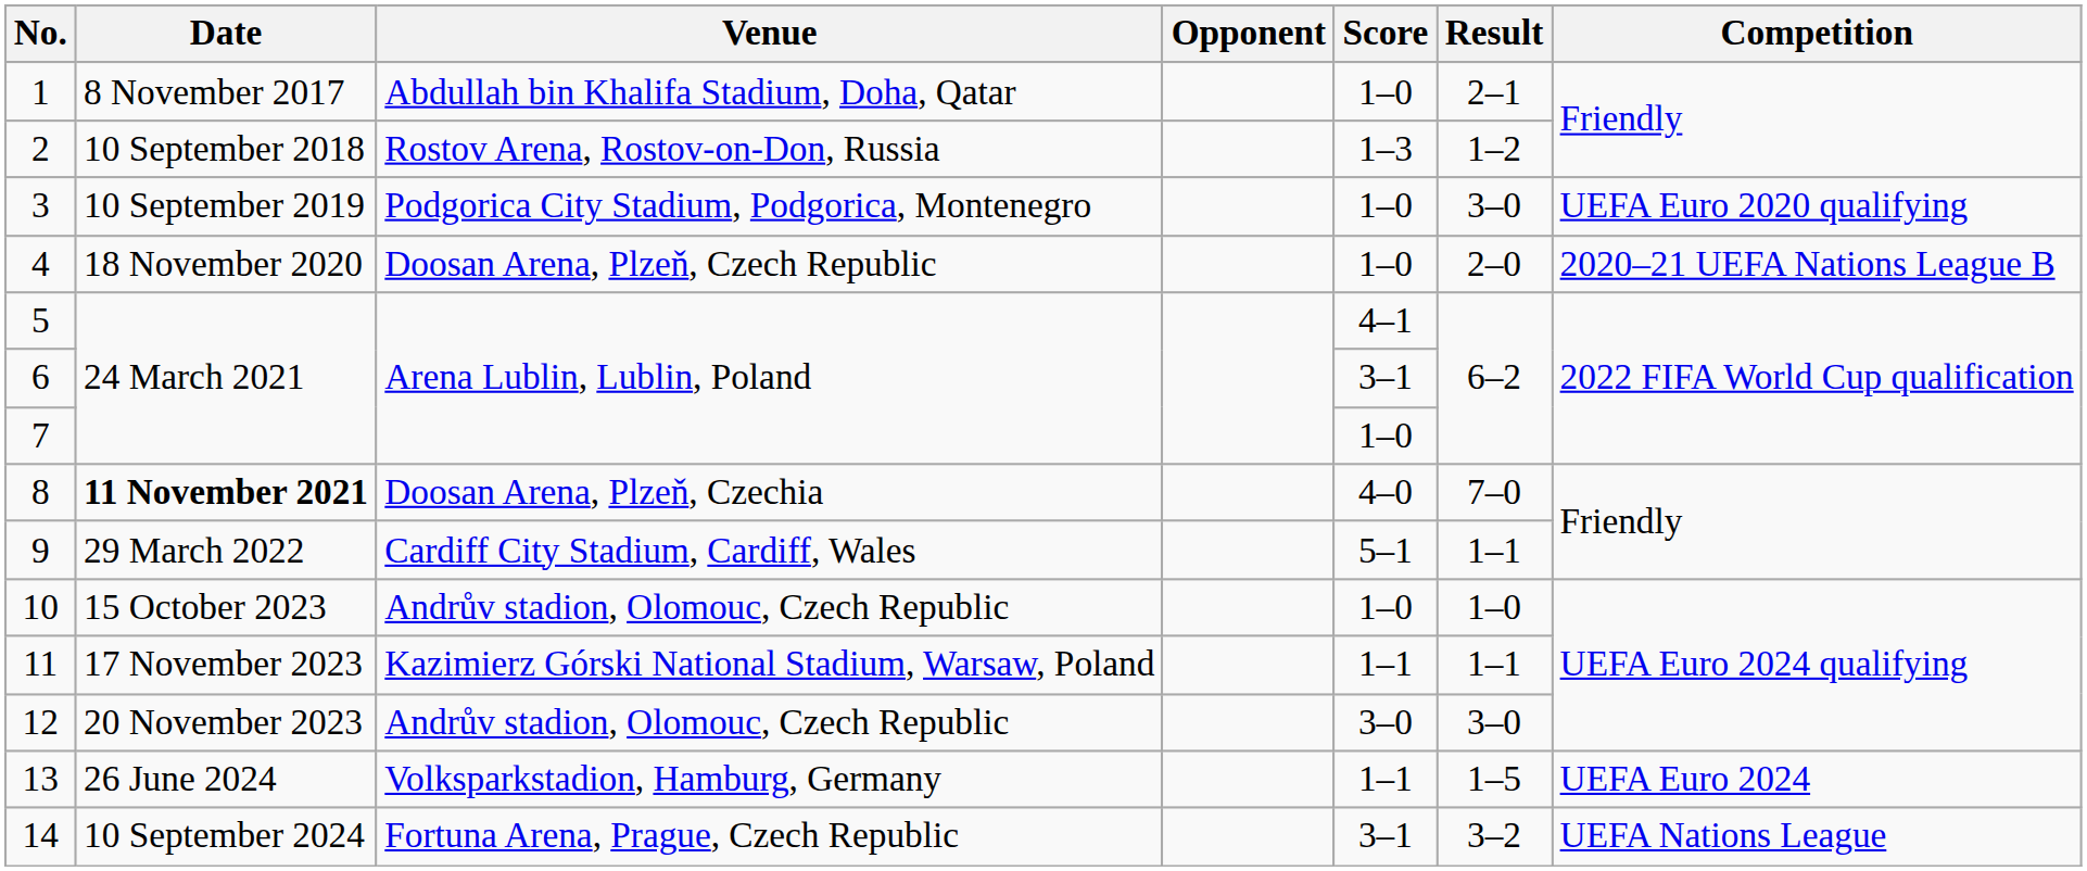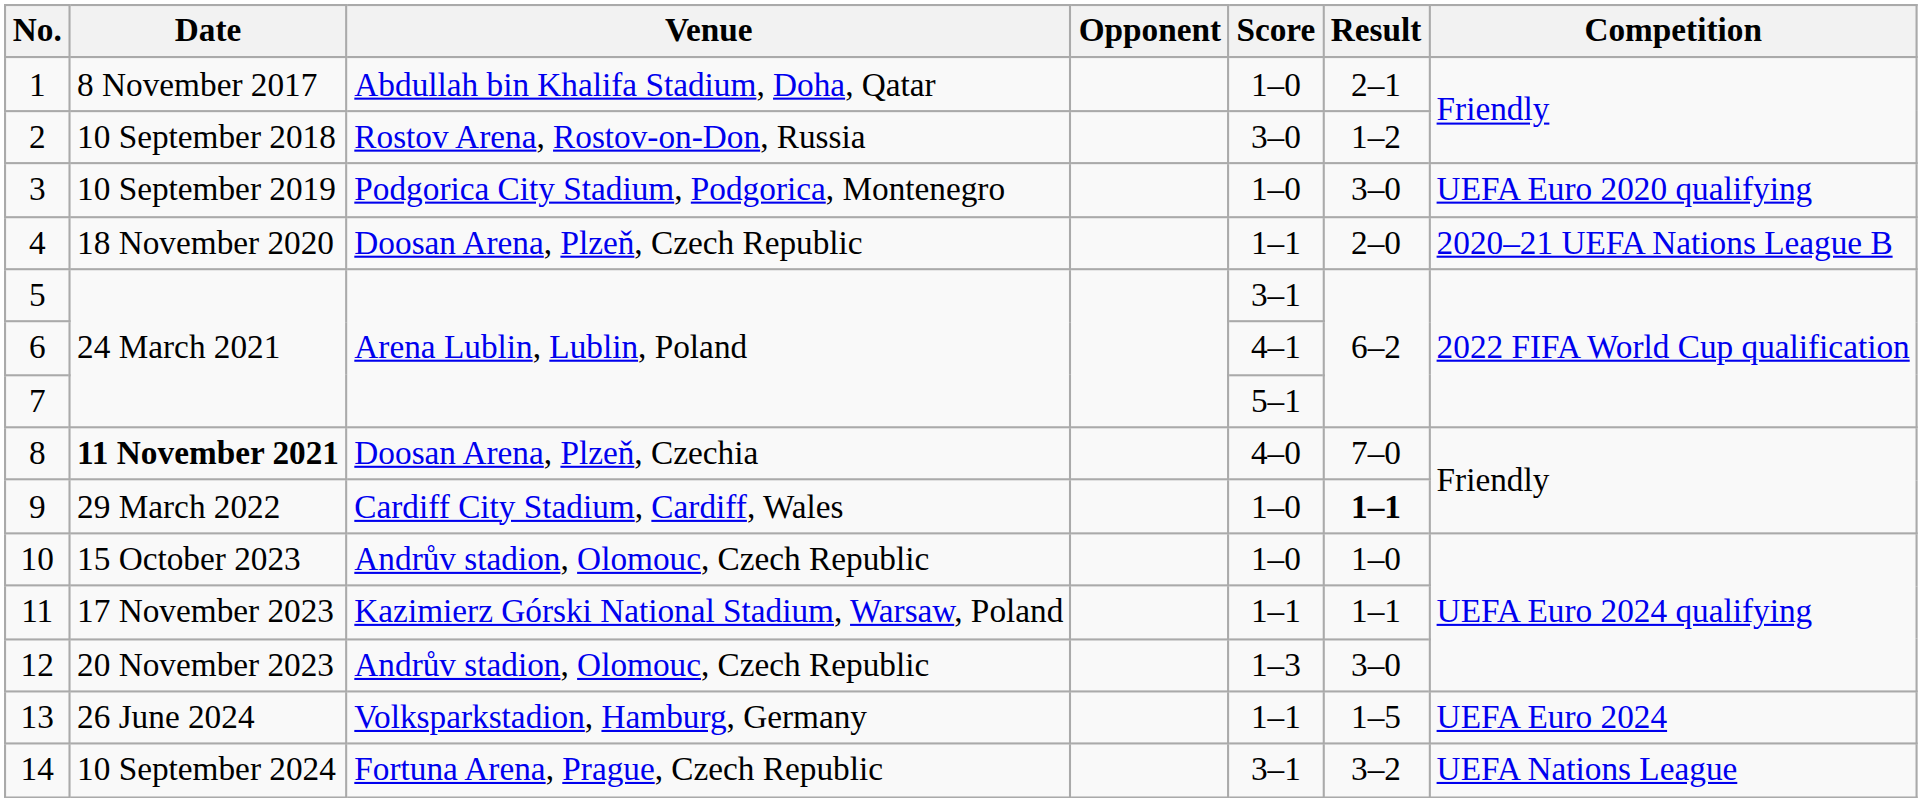 <table class="wikitable sortable">
 <tr>
 <th scope="col">No.</th>
 <th scope="col">Date</th>
 <th scope="col">Venue</th>
 <th scope="col">Opponent</th>
 <th scope="col">Score</th>
 <th scope="col">Result</th>
 <th scope="col">Competition</th>
 </tr>
 <tr>
 <td align="center">1</td>
 <td>8 November 2017</td>
 <td><a href='#'>Abdullah bin Khalifa Stadium</a>, <a href='#'>Doha</a>, Qatar</td>
 <td></td>
 <td align="center">1–0</td>
 <td align="center">2–1</td>
 <td rowspan="2"><a href='#'>Friendly</a></td>
 </tr>
 <tr>
 <td align="center">2</td>
 <td>10 September 2018</td>
 <td><a href='#'>Rostov Arena</a>, <a href='#'>Rostov-on-Don</a>, Russia</td>
 <td></td>
-<td align="center">1–3</td>
+<td align="center">3–0</td>
 <td align="center">1–2</td>
 </tr>
 <tr>
 <td align="center">3</td>
 <td>10 September 2019</td>
 <td><a href='#'>Podgorica City Stadium</a>, <a href='#'>Podgorica</a>, Montenegro</td>
 <td></td>
 <td align="center">1–0</td>
 <td align="center">3–0</td>
 <td><a href='#'>UEFA Euro 2020 qualifying</a></td>
 </tr>
 <tr>
 <td align="center">4</td>
 <td>18 November 2020</td>
 <td><a href='#'>Doosan Arena</a>, <a href='#'>Plzeň</a>, Czech Republic</td>
 <td></td>
-<td align="center">1–0</td>
+<td align="center">1–1</td>
 <td align="center">2–0</td>
 <td><a href='#'>2020–21 UEFA Nations League B</a></td>
 </tr>
 <tr>
 <td align="center">5</td>
 <td rowspan="3">24 March 2021</td>
 <td rowspan="3"><a href='#'>Arena Lublin</a>, <a href='#'>Lublin</a>, Poland</td>
 <td rowspan="3"></td>
-<td align="center">4–1</td>
+<td align="center">3–1</td>
 <td rowspan="3" align="center">6–2</td>
 <td rowspan="3"><a href='#'>2022 FIFA World Cup qualification</a></td>
 </tr>
 <tr>
 <td align="center">6</td>
-<td align="center">3–1</td>
+<td align="center">4–1</td>
 </tr>
 <tr>
 <td align="center">7</td>
-<td align="center">1–0</td>
+<td align="center">5–1</td>
 </tr>
 <tr>
 <td align="center">8</td>
 <td><strong>11 November 2021</strong></td>
 <td><a href='#'>Doosan Arena</a>, <a href='#'>Plzeň</a>, Czechia</td>
 <td></td>
 <td align="center">4–0</td>
 <td align="center">7–0</td>
 <td rowspan="2">Friendly</td>
 </tr>
 <tr>
 <td align="center">9</td>
 <td>29 March 2022</td>
 <td><a href='#'>Cardiff City Stadium</a>, <a href='#'>Cardiff</a>, Wales</td>
 <td></td>
-<td align="center">5–1</td>
-<td align="center">1–1</td>
+<td align="center">1–0</td>
+<td align="center"><strong>1–1</strong></td>
 </tr>
 <tr>
 <td align="center">10</td>
 <td>15 October 2023</td>
 <td><a href='#'>Andrův stadion</a>, <a href='#'>Olomouc</a>, Czech Republic</td>
 <td></td>
 <td align="center">1–0</td>
 <td align="center">1–0</td>
 <td rowspan=3><a href='#'>UEFA Euro 2024 qualifying</a></td>
 </tr>
 <tr>
 <td align="center">11</td>
 <td>17 November 2023</td>
 <td><a href='#'>Kazimierz Górski National Stadium</a>, <a href='#'>Warsaw</a>, Poland</td>
 <td></td>
 <td align="center">1–1</td>
 <td align="center">1–1</td>
 </tr>
 <tr>
 <td align="center">12</td>
 <td>20 November 2023</td>
 <td><a href='#'>Andrův stadion</a>, <a href='#'>Olomouc</a>, Czech Republic</td>
 <td></td>
-<td align="center">3–0</td>
+<td align="center">1–3</td>
 <td align="center">3–0</td>
 </tr>
 <tr>
 <td align="center">13</td>
 <td>26 June 2024</td>
 <td><a href='#'>Volksparkstadion</a>, <a href='#'>Hamburg</a>, Germany</td>
 <td></td>
 <td align="center">1–1</td>
 <td align="center">1–5</td>
 <td><a href='#'>UEFA Euro 2024</a></td>
 </tr>
 <tr>
 <td align="center">14</td>
 <td>10 September 2024</td>
 <td><a href='#'>Fortuna Arena</a>, <a href='#'>Prague</a>, Czech Republic</td>
 <td></td>
 <td align="center">3–1</td>
 <td align="center">3–2</td>
 <td><a href='#'>UEFA Nations League</a></td>
 </tr>
 </table>
